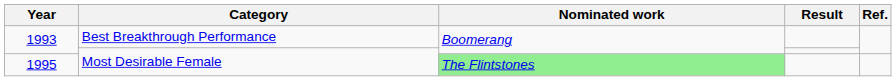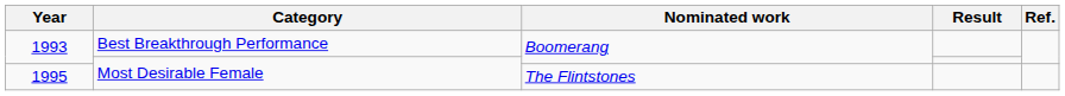 <table class=wikitable>
 <tr>
 <th scope="col" style="width:5em;">Year</th>
 <th scope="col" style="width:26em;">Category</th>
 <th scope="col" style="width:25em;">Nominated work</th>
 <th scope="col" style="width:5em;">Result</th>
 <th>Ref.</th>
 </tr>
 <tr>
 <td style="text-align:center;", rowspan="2"><a href='#'>1993</a></td>
 <td><a href='#'>Best Breakthrough Performance</a></td>
 <td rowspan="2"><em><a href='#'>Boomerang</a></em></td>
 <td></td>
 <td style="text-align:center;" rowspan="2"></td>
 </tr>
 <tr>
 <td rowspan="2"><a href='#'>Most Desirable Female</a></td>
 <td></td>
 </tr>
 <tr>
 <td style="text-align:center;"><a href='#'>1995</a></td>
-<td style="background: lightgreen;"><em><a href='#'>The Flintstones</a></em></td>
+<td><em><a href='#'>The Flintstones</a></em></td>
 <td></td>
 <td style="text-align:center;"></td>
 </tr>
 </table>
